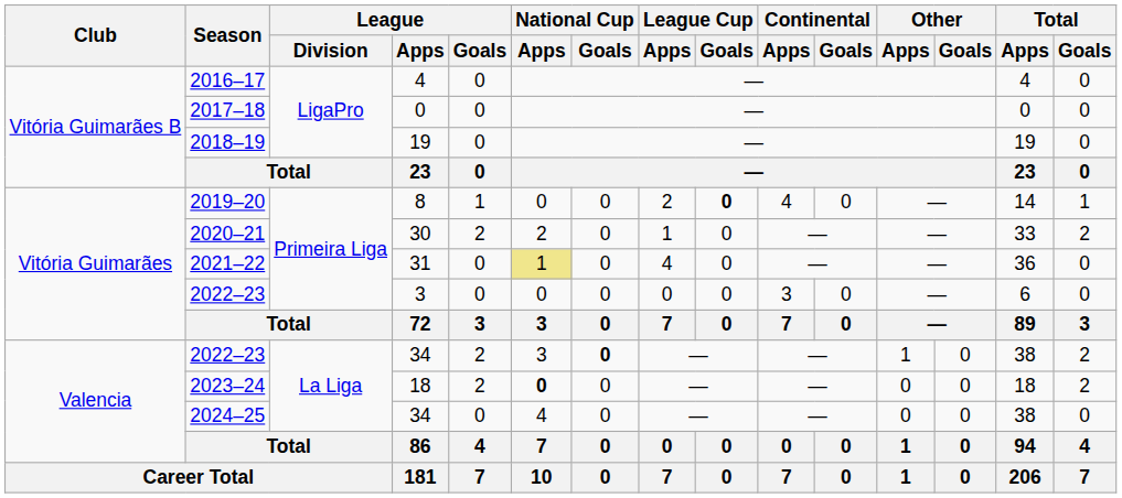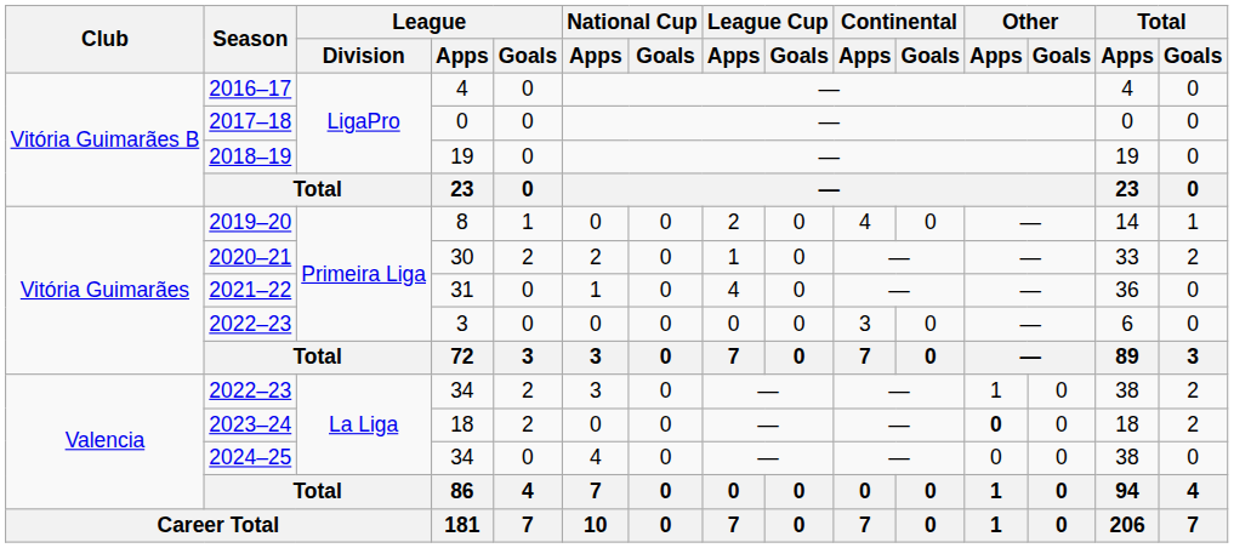 <table class="wikitable" style="text-align: center">
 <tr>
 <th rowspan="2">Club</th>
 <th rowspan="2">Season</th>
 <th colspan="3">League</th>
 <th colspan="2">National Cup</th>
 <th colspan="2">League Cup</th>
 <th colspan="2">Continental</th>
 <th colspan="2">Other</th>
 <th colspan="2">Total</th>
 </tr>
 <tr>
 <th>Division</th>
 <th>Apps</th>
 <th>Goals</th>
 <th>Apps</th>
 <th>Goals</th>
 <th>Apps</th>
 <th>Goals</th>
 <th>Apps</th>
 <th>Goals</th>
 <th>Apps</th>
 <th>Goals</th>
 <th>Apps</th>
 <th>Goals</th>
 </tr>
 <tr>
 <td rowspan="4"><a href='#'>Vitória Guimarães B</a></td>
 <td><a href='#'>2016–17</a></td>
 <td rowspan="3"><a href='#'>LigaPro</a></td>
 <td>4</td>
 <td>0</td>
 <td colspan="8">—</td>
 <td>4</td>
 <td>0</td>
 </tr>
 <tr>
 <td><a href='#'>2017–18</a></td>
 <td>0</td>
 <td>0</td>
 <td colspan="8">—</td>
 <td>0</td>
 <td>0</td>
 </tr>
 <tr>
 <td><a href='#'>2018–19</a></td>
 <td>19</td>
 <td>0</td>
 <td colspan="8">—</td>
 <td>19</td>
 <td>0</td>
 </tr>
 <tr>
 <th colspan="2">Total</th>
 <th>23</th>
 <th>0</th>
 <th colspan="8">—</th>
 <th>23</th>
 <th>0</th>
 </tr>
 <tr>
 <td rowspan="5"><a href='#'>Vitória Guimarães</a></td>
 <td><a href='#'>2019–20</a></td>
 <td rowspan="4"><a href='#'>Primeira Liga</a></td>
 <td>8</td>
 <td>1</td>
 <td>0</td>
 <td>0</td>
 <td>2</td>
-<td><strong>0</strong></td>
+<td>0</td>
 <td>4</td>
 <td>0</td>
 <td colspan="2">—</td>
 <td>14</td>
 <td>1</td>
 </tr>
 <tr>
 <td><a href='#'>2020–21</a></td>
 <td>30</td>
 <td>2</td>
 <td>2</td>
 <td>0</td>
 <td>1</td>
 <td>0</td>
 <td colspan="2">—</td>
 <td colspan="2">—</td>
 <td>33</td>
 <td>2</td>
 </tr>
 <tr>
 <td><a href='#'>2021–22</a></td>
 <td>31</td>
 <td>0</td>
-<td style="background: khaki;">1</td>
+<td>1</td>
 <td>0</td>
 <td>4</td>
 <td>0</td>
 <td colspan="2">—</td>
 <td colspan="2">—</td>
 <td>36</td>
 <td>0</td>
 </tr>
 <tr>
 <td><a href='#'>2022–23</a></td>
 <td>3</td>
 <td>0</td>
 <td>0</td>
 <td>0</td>
 <td>0</td>
 <td>0</td>
 <td>3</td>
 <td>0</td>
 <td colspan="2">—</td>
 <td>6</td>
 <td>0</td>
 </tr>
 <tr>
 <th colspan="2">Total</th>
 <th>72</th>
 <th>3</th>
 <th>3</th>
 <th>0</th>
 <th>7</th>
 <th>0</th>
 <th>7</th>
 <th>0</th>
 <th colspan="2">—</th>
 <th>89</th>
 <th>3</th>
 </tr>
 <tr>
 <td rowspan="4"><a href='#'>Valencia</a></td>
 <td><a href='#'>2022–23</a></td>
 <td rowspan="3"><a href='#'>La Liga</a></td>
 <td>34</td>
 <td>2</td>
 <td>3</td>
-<td><strong>0</strong></td>
+<td>0</td>
 <td colspan="2">—</td>
 <td colspan="2">—</td>
 <td>1</td>
 <td>0</td>
 <td>38</td>
 <td>2</td>
 </tr>
 <tr>
 <td><a href='#'>2023–24</a></td>
 <td>18</td>
 <td>2</td>
-<td><strong>0</strong></td>
+<td>0</td>
 <td>0</td>
 <td colspan="2">—</td>
 <td colspan="2">—</td>
-<td>0</td>
+<td><strong>0</strong></td>
 <td>0</td>
 <td>18</td>
 <td>2</td>
 </tr>
 <tr>
 <td><a href='#'>2024–25</a></td>
 <td>34</td>
 <td>0</td>
 <td>4</td>
 <td>0</td>
 <td colspan="2">—</td>
 <td colspan="2">—</td>
 <td>0</td>
 <td>0</td>
 <td>38</td>
 <td>0</td>
 </tr>
 <tr>
 <th colspan="2">Total</th>
 <th>86</th>
 <th>4</th>
 <th>7</th>
 <th>0</th>
 <th>0</th>
 <th>0</th>
 <th>0</th>
 <th>0</th>
 <th>1</th>
 <th>0</th>
 <th>94</th>
 <th>4</th>
 </tr>
 <tr>
 <th colspan="3">Career Total</th>
 <th>181</th>
 <th>7</th>
 <th>10</th>
 <th>0</th>
 <th>7</th>
 <th>0</th>
 <th>7</th>
 <th>0</th>
 <th>1</th>
 <th>0</th>
 <th>206</th>
 <th>7</th>
 </tr>
 </table>
